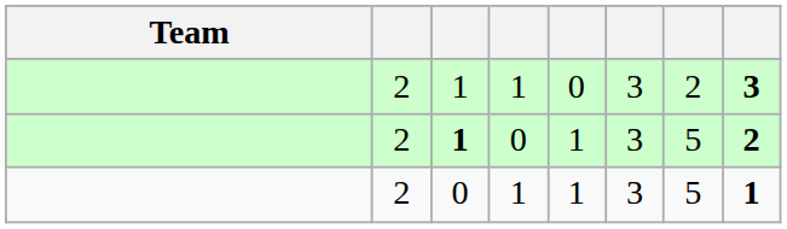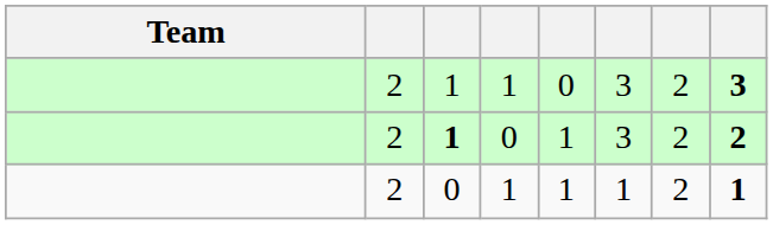 <table class="wikitable" style="text-align:center;">
 <tr>
 <th width=165>Team</th>
 <th width=20></th>
 <th width=20></th>
 <th width=20></th>
 <th width=20></th>
 <th width=20></th>
 <th width=20></th>
 <th width=20></th>
 </tr>
 <tr style="background:#cfc;">
 <td align="left"></td>
 <td>2</td>
 <td>1</td>
 <td>1</td>
 <td>0</td>
 <td>3</td>
 <td>2</td>
 <td><strong>3</strong></td>
 </tr>
 <tr style="background:#cfc;">
 <td align="left"></td>
 <td>2</td>
 <td><strong>1</strong></td>
 <td>0</td>
 <td>1</td>
 <td>3</td>
-<td>5</td>
+<td>2</td>
 <td><strong>2</strong></td>
 </tr>
 <tr>
 <td align="left"></td>
 <td>2</td>
 <td>0</td>
 <td>1</td>
 <td>1</td>
-<td>3</td>
-<td>5</td>
+<td>1</td>
+<td>2</td>
 <td><strong>1</strong></td>
 </tr>
 </table>
